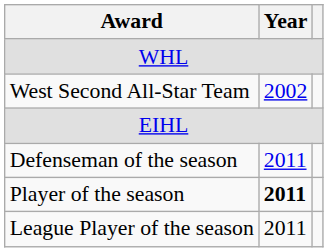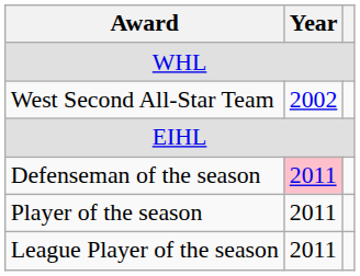 <table class="wikitable">
 <tr>
 <th>Award</th>
 <th>Year</th>
 <th></th>
 </tr>
 <tr ALIGN="center" bgcolor="#e0e0e0">
 <td colspan="3"><a href='#'>WHL</a></td>
 </tr>
 <tr>
 <td>West Second All-Star Team</td>
 <td><a href='#'>2002</a></td>
 <td></td>
 </tr>
 <tr ALIGN="center" bgcolor="#e0e0e0">
 <td colspan="3"><a href='#'>EIHL</a></td>
 </tr>
 <tr>
 <td>Defenseman of the season</td>
-<td><a href='#'>2011</a></td>
+<td style="background: pink;"><a href='#'>2011</a></td>
 <td></td>
 </tr>
 <tr>
 <td>Player of the season</td>
-<td><strong>2011</strong></td>
+<td>2011</td>
 <td></td>
 </tr>
 <tr>
 <td>League Player of the season</td>
 <td>2011</td>
 <td></td>
 </tr>
 </table>
